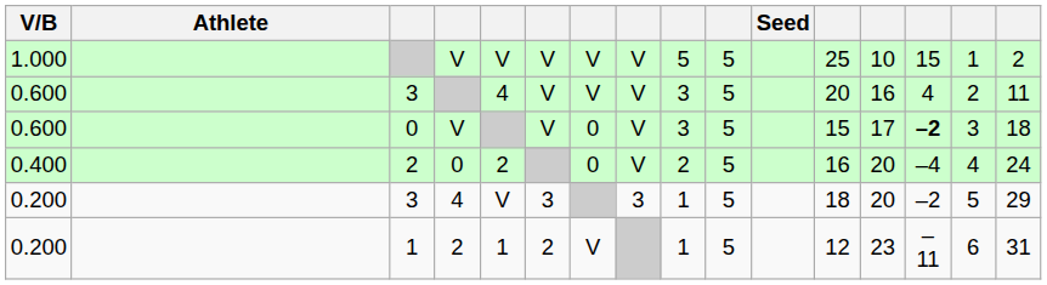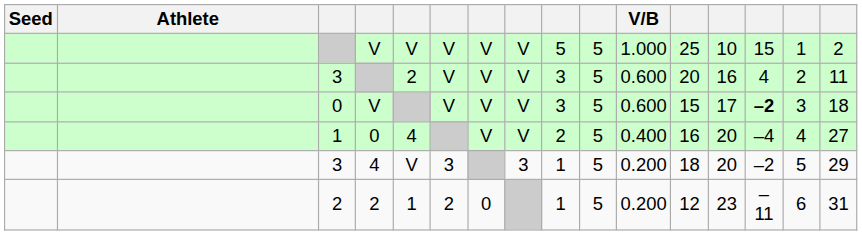 <table class="wikitable" style="text-align:center">
 <tr>
-<th width="40">V/B</th>
+<th width="25">Seed</th>
 <th width="220">Athlete</th>
 <th width="25"></th>
 <th width="25"></th>
 <th width="25"></th>
 <th width="25"></th>
 <th width="25"></th>
 <th width="25"></th>
 <th width="25"></th>
 <th width="25"></th>
-<th width="25">Seed</th>
+<th width="40">V/B</th>
 <th width="25"></th>
 <th width="25"></th>
 <th width="25"></th>
 <th width="25"></th>
 <th width="25"></th>
 </tr>
 <tr bgcolor=ccffcc>
-<td>1.000</td>
+<td></td>
 <td align=left></td>
 <td bgcolor="#cccccc"></td>
 <td>V</td>
 <td>V</td>
 <td>V</td>
 <td>V</td>
 <td>V</td>
 <td>5</td>
 <td>5</td>
-<td></td>
+<td>1.000</td>
 <td>25</td>
 <td>10</td>
 <td>15</td>
 <td>1</td>
 <td>2</td>
 </tr>
 <tr bgcolor=ccffcc>
-<td>0.600</td>
+<td></td>
 <td align=left></td>
 <td>3</td>
 <td bgcolor="#cccccc"></td>
-<td>4</td>
+<td>2</td>
 <td>V</td>
 <td>V</td>
 <td>V</td>
 <td>3</td>
 <td>5</td>
-<td></td>
+<td>0.600</td>
 <td>20</td>
 <td>16</td>
 <td>4</td>
 <td>2</td>
 <td>11</td>
 </tr>
 <tr bgcolor=ccffcc>
-<td>0.600</td>
+<td></td>
 <td align=left></td>
 <td>0</td>
 <td>V</td>
 <td bgcolor="#cccccc"></td>
 <td>V</td>
-<td>0</td>
+<td>V</td>
 <td>V</td>
 <td>3</td>
 <td>5</td>
-<td></td>
+<td>0.600</td>
 <td>15</td>
 <td>17</td>
 <td><strong>–2</strong></td>
 <td>3</td>
 <td>18</td>
 </tr>
 <tr bgcolor=ccffcc>
-<td>0.400</td>
+<td></td>
 <td align=left></td>
-<td>2</td>
+<td>1</td>
 <td>0</td>
-<td>2</td>
+<td>4</td>
 <td bgcolor="#cccccc"></td>
-<td>0</td>
+<td>V</td>
 <td>V</td>
 <td>2</td>
 <td>5</td>
-<td></td>
+<td>0.400</td>
 <td>16</td>
 <td>20</td>
 <td>–4</td>
 <td>4</td>
-<td>24</td>
+<td>27</td>
 </tr>
 <tr>
-<td>0.200</td>
+<td></td>
 <td align=left></td>
 <td>3</td>
 <td>4</td>
 <td>V</td>
 <td>3</td>
 <td bgcolor="#cccccc"></td>
 <td>3</td>
 <td>1</td>
 <td>5</td>
-<td></td>
+<td>0.200</td>
 <td>18</td>
 <td>20</td>
 <td>–2</td>
 <td>5</td>
 <td>29</td>
 </tr>
 <tr>
-<td>0.200</td>
+<td></td>
 <td align=left></td>
-<td>1</td>
+<td>2</td>
 <td>2</td>
 <td>1</td>
 <td>2</td>
-<td>V</td>
+<td>0</td>
 <td bgcolor="#cccccc"></td>
 <td>1</td>
 <td>5</td>
-<td></td>
+<td>0.200</td>
 <td>12</td>
 <td>23</td>
 <td>–11</td>
 <td>6</td>
 <td>31</td>
 </tr>
 </table>
